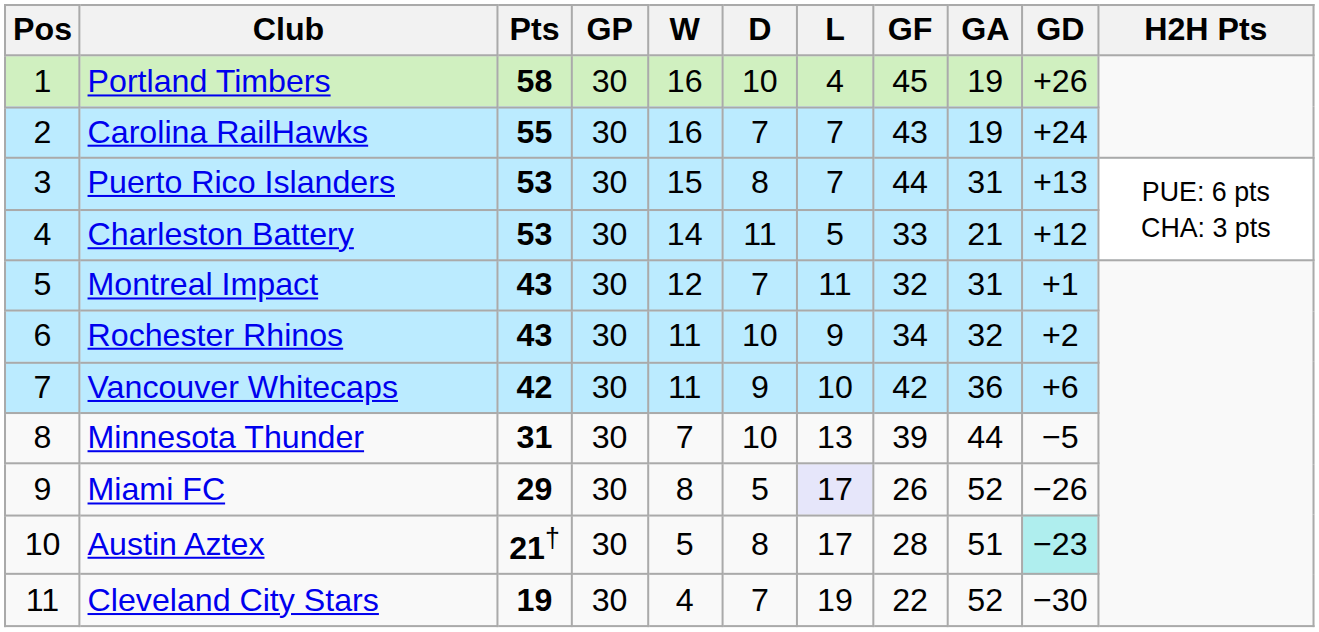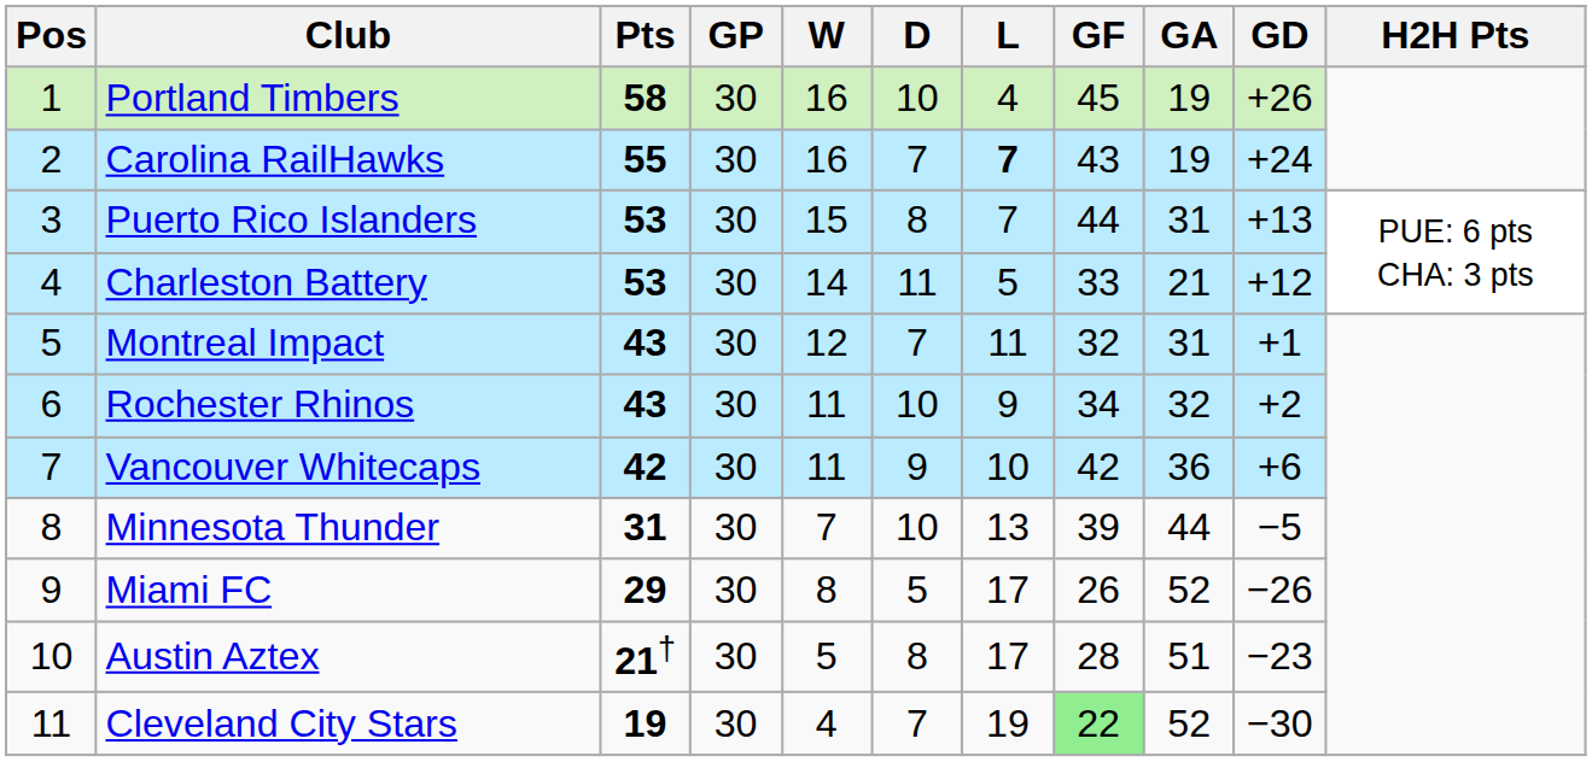 <table class="wikitable" style="text-align:center">
 <tr>
 <th width=30>Pos</th>
 <th width=200>Club</th>
 <th width=30>Pts</th>
 <th width=30>GP</th>
 <th width=30>W</th>
 <th width=30>D</th>
 <th width=30>L</th>
 <th width=30>GF</th>
 <th width=30>GA</th>
 <th width=30>GD</th>
 <th width=100>H2H Pts</th>
 </tr>
 <tr bgcolor=#D0F0C0>
 <td>1</td>
 <td align=left><a href='#'>Portland Timbers</a></td>
 <td><strong>58</strong></td>
 <td>30</td>
 <td>16</td>
 <td>10</td>
 <td>4</td>
 <td>45</td>
 <td>19</td>
 <td>+26</td>
 </tr>
 <tr bgcolor=#BBEBFF>
 <td>2</td>
 <td align=left><a href='#'>Carolina RailHawks</a></td>
 <td><strong>55</strong></td>
 <td>30</td>
 <td>16</td>
 <td>7</td>
-<td>7</td>
+<td><strong>7</strong></td>
 <td>43</td>
 <td>19</td>
 <td>+24</td>
 </tr>
 <tr bgcolor=#BBEBFF>
 <td>3</td>
 <td align=left><a href='#'>Puerto Rico Islanders</a></td>
 <td><strong>53</strong></td>
 <td>30</td>
 <td>15</td>
 <td>8</td>
 <td>7</td>
 <td>44</td>
 <td>31</td>
 <td>+13</td>
 <td rowspan="2" bgcolor="FFFFFF"><small>PUE: 6 pts<br>CHA: 3 pts</small></td>
 </tr>
 <tr bgcolor=#BBEBFF>
 <td>4</td>
 <td align=left><a href='#'>Charleston Battery</a></td>
 <td><strong>53</strong></td>
 <td>30</td>
 <td>14</td>
 <td>11</td>
 <td>5</td>
 <td>33</td>
 <td>21</td>
 <td>+12</td>
 </tr>
 <tr bgcolor=#BBEBFF>
 <td>5</td>
 <td align=left><a href='#'>Montreal Impact</a></td>
 <td><strong>43</strong></td>
 <td>30</td>
 <td>12</td>
 <td>7</td>
 <td>11</td>
 <td>32</td>
 <td>31</td>
 <td>+1</td>
 </tr>
 <tr bgcolor=#BBEBFF>
 <td>6</td>
 <td align=left><a href='#'>Rochester Rhinos</a></td>
 <td><strong>43</strong></td>
 <td>30</td>
 <td>11</td>
 <td>10</td>
 <td>9</td>
 <td>34</td>
 <td>32</td>
 <td>+2</td>
 </tr>
 <tr bgcolor=#BBEBFF>
 <td>7</td>
 <td align=left><a href='#'>Vancouver Whitecaps</a></td>
 <td><strong>42</strong></td>
 <td>30</td>
 <td>11</td>
 <td>9</td>
 <td>10</td>
 <td>42</td>
 <td>36</td>
 <td>+6</td>
 </tr>
 <tr>
 <td>8</td>
 <td align=left><a href='#'>Minnesota Thunder</a></td>
 <td><strong>31</strong></td>
 <td>30</td>
 <td>7</td>
 <td>10</td>
 <td>13</td>
 <td>39</td>
 <td>44</td>
 <td>−5</td>
 </tr>
 <tr>
 <td>9</td>
 <td align=left><a href='#'>Miami FC</a></td>
 <td><strong>29</strong></td>
 <td>30</td>
 <td>8</td>
 <td>5</td>
-<td style="background: lavender;">17</td>
+<td>17</td>
 <td>26</td>
 <td>52</td>
 <td>−26</td>
 </tr>
 <tr>
 <td>10</td>
 <td align=left><a href='#'>Austin Aztex</a></td>
 <td><strong>21</strong><sup>†</sup></td>
 <td>30</td>
 <td>5</td>
 <td>8</td>
 <td>17</td>
 <td>28</td>
 <td>51</td>
-<td style="background: paleturquoise;">−23</td>
+<td>−23</td>
 </tr>
 <tr>
 <td>11</td>
 <td align=left><a href='#'>Cleveland City Stars</a></td>
 <td><strong>19</strong></td>
 <td>30</td>
 <td>4</td>
 <td>7</td>
 <td>19</td>
-<td>22</td>
+<td style="background: lightgreen;">22</td>
 <td>52</td>
 <td>−30</td>
 </tr>
 </table>
